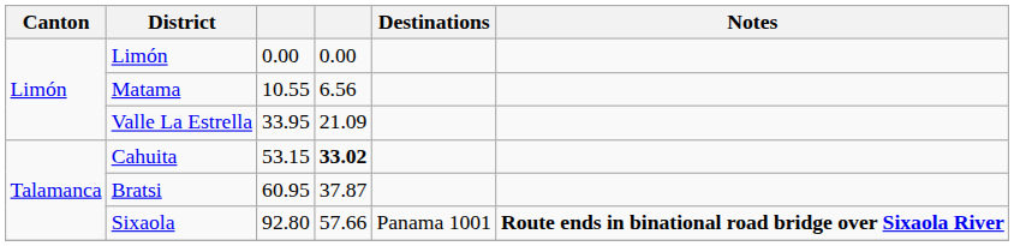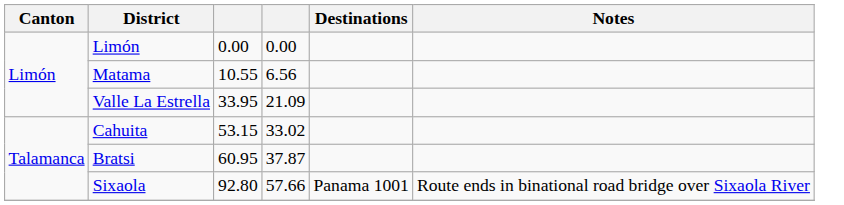 <table class="wikitable">
 <tr>
 <th scope="col">Canton</th>
 <th scope="col">District</th>
 <th scope="col"></th>
 <th scope="col"></th>
 <th scope="col">Destinations</th>
 <th scope="col">Notes</th>
 </tr>
 <tr>
 <td rowspan=3><a href='#'>Limón</a></td>
 <td><a href='#'>Limón</a></td>
 <td>0.00</td>
 <td>0.00</td>
 <td></td>
 <td></td>
 </tr>
 <tr>
 <td><a href='#'>Matama</a></td>
 <td>10.55</td>
 <td>6.56</td>
 <td></td>
 <td></td>
 </tr>
 <tr>
 <td><a href='#'>Valle La Estrella</a></td>
 <td>33.95</td>
 <td>21.09</td>
 <td></td>
 <td></td>
 </tr>
 <tr>
 <td rowspan=3><a href='#'>Talamanca</a></td>
 <td><a href='#'>Cahuita</a></td>
 <td>53.15</td>
-<td><strong>33.02</strong></td>
+<td>33.02</td>
 <td></td>
 <td></td>
 </tr>
 <tr>
 <td><a href='#'>Bratsi</a></td>
 <td>60.95</td>
 <td>37.87</td>
 <td></td>
 <td></td>
 </tr>
 <tr>
 <td><a href='#'>Sixaola</a></td>
 <td>92.80</td>
 <td>57.66</td>
 <td>Panama 1001</td>
-<td><strong>Route ends in binational road bridge over <a href='#'>Sixaola River</a></strong></td>
+<td>Route ends in binational road bridge over <a href='#'>Sixaola River</a></td>
 </tr>
 <tr>
 </tr>
 </table>
